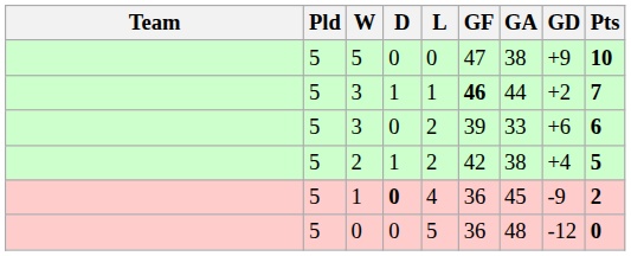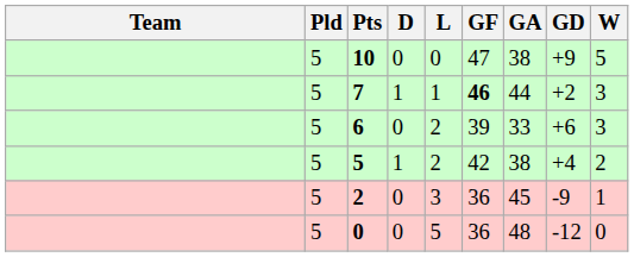 <table class="wikitable">
 <tr>
 <th width=210>Team</th>
 <th width=20>Pld</th>
-<th width=20>W</th>
+<th width=20>Pts</th>
 <th width=20>D</th>
 <th width=20>L</th>
 <th width=20>GF</th>
 <th width=20>GA</th>
 <th width=20>GD</th>
-<th width=20>Pts</th>
+<th width=20>W</th>
 </tr>
 <tr bgcolor="#ccffcc">
 <td></td>
 <td>5</td>
-<td>5</td>
+<td><strong>10</strong></td>
 <td>0</td>
 <td>0</td>
 <td>47</td>
 <td>38</td>
 <td>+9</td>
-<td><strong>10</strong></td>
+<td>5</td>
 </tr>
 <tr bgcolor="#ccffcc">
 <td></td>
 <td>5</td>
-<td>3</td>
+<td><strong>7</strong></td>
 <td>1</td>
 <td>1</td>
 <td><strong>46</strong></td>
 <td>44</td>
 <td>+2</td>
-<td><strong>7</strong></td>
+<td>3</td>
 </tr>
 <tr bgcolor="#ccffcc">
 <td></td>
 <td>5</td>
-<td>3</td>
+<td><strong>6</strong></td>
 <td>0</td>
 <td>2</td>
 <td>39</td>
 <td>33</td>
 <td>+6</td>
-<td><strong>6</strong></td>
+<td>3</td>
 </tr>
 <tr bgcolor="#ccffcc">
 <td></td>
 <td>5</td>
-<td>2</td>
+<td><strong>5</strong></td>
 <td>1</td>
 <td>2</td>
 <td>42</td>
 <td>38</td>
 <td>+4</td>
-<td><strong>5</strong></td>
+<td>2</td>
 </tr>
 <tr bgcolor="#ffcccc">
 <td></td>
 <td>5</td>
-<td>1</td>
-<td><strong>0</strong></td>
-<td>4</td>
+<td><strong>2</strong></td>
+<td>0</td>
+<td>3</td>
 <td>36</td>
 <td>45</td>
 <td>-9</td>
-<td><strong>2</strong></td>
+<td>1</td>
 </tr>
 <tr bgcolor="#ffcccc">
 <td></td>
 <td>5</td>
-<td>0</td>
+<td><strong>0</strong></td>
 <td>0</td>
 <td>5</td>
 <td>36</td>
 <td>48</td>
 <td>-12</td>
-<td><strong>0</strong></td>
+<td>0</td>
 </tr>
 </table>
